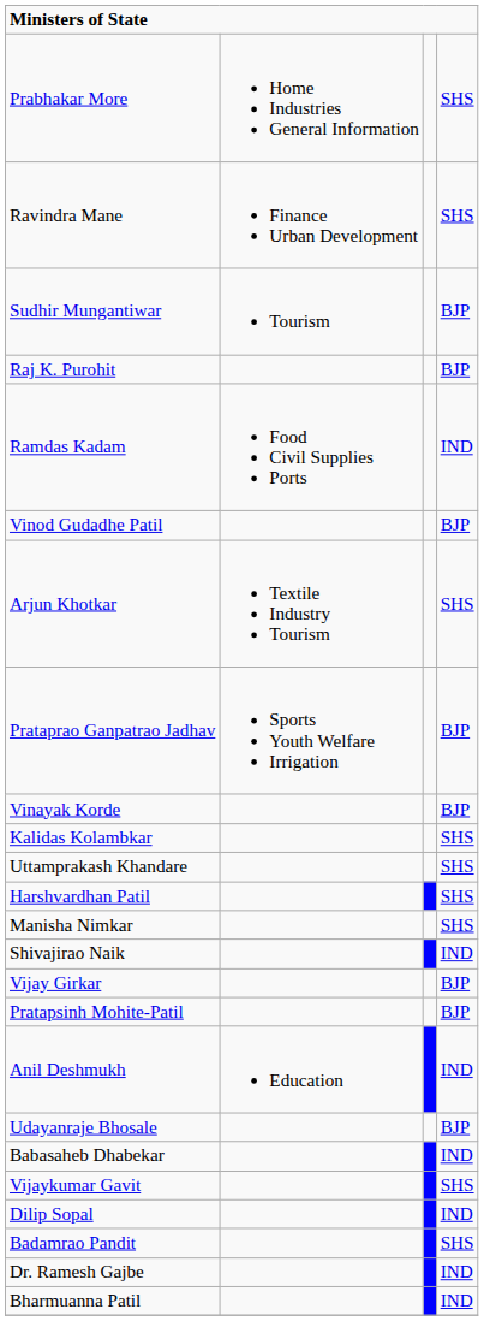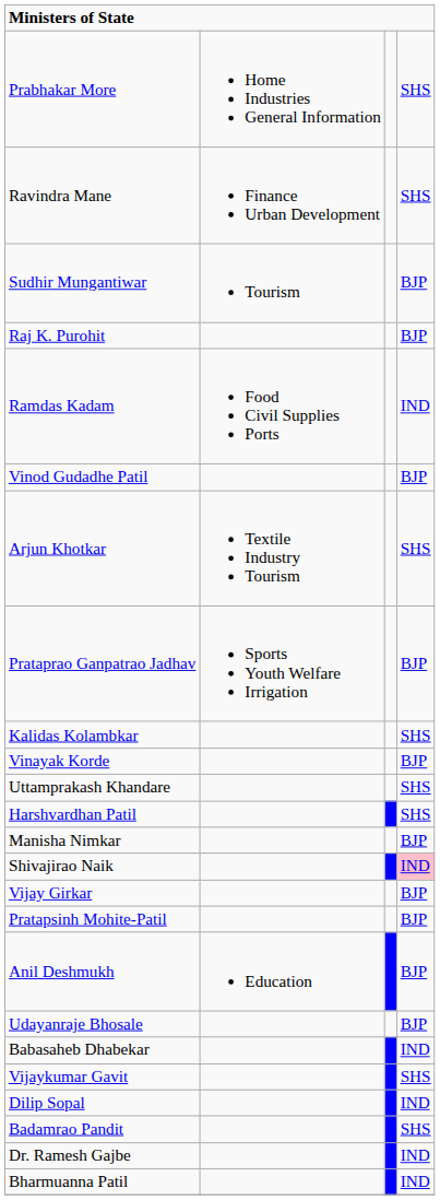 <table class="wikitable sortable">
 <tr>
 <td colspan="4"><strong>Ministers of State</strong></td>
 </tr>
 <tr>
 <td><a href='#'>Prabhakar More</a></td>
 <td><br><ul><li>Home</li><li>Industries</li><li>General Information</li></ul></td>
 <td width="4px"></td>
 <td><a href='#'>SHS</a></td>
 </tr>
 <tr>
 <td>Ravindra Mane</td>
 <td><br><ul><li>Finance</li><li>Urban Development</li></ul></td>
 <td width="4px"></td>
 <td><a href='#'>SHS</a></td>
 </tr>
 <tr>
 <td><a href='#'>Sudhir Mungantiwar</a></td>
 <td><br><ul><li>Tourism</li></ul></td>
 <td width="4px"></td>
 <td><a href='#'>BJP</a></td>
 </tr>
 <tr>
 <td><a href='#'>Raj K. Purohit</a></td>
 <td></td>
 <td width="4px"></td>
 <td><a href='#'>BJP</a></td>
 </tr>
 <tr>
 <td><a href='#'>Ramdas Kadam</a></td>
 <td><br><ul><li>Food</li><li>Civil Supplies</li><li>Ports</li></ul></td>
 <td width="4px"></td>
 <td><a href='#'>IND</a></td>
 </tr>
 <tr>
 <td><a href='#'>Vinod Gudadhe Patil</a></td>
 <td></td>
 <td width="4px"></td>
 <td><a href='#'>BJP</a></td>
 </tr>
 <tr>
 <td><a href='#'>Arjun Khotkar</a></td>
 <td><br><ul><li>Textile</li><li>Industry</li><li>Tourism</li></ul></td>
 <td width="4px"></td>
 <td><a href='#'>SHS</a></td>
 </tr>
 <tr>
 <td><a href='#'>Prataprao Ganpatrao Jadhav</a></td>
 <td><br><ul><li>Sports</li><li>Youth Welfare</li><li>Irrigation</li></ul></td>
 <td width="4px"></td>
 <td><a href='#'>BJP</a></td>
 </tr>
 <tr>
+<td><a href='#'>Kalidas Kolambkar</a></td>
+<td></td>
+<td width="4px"></td>
+<td><a href='#'>SHS</a></td>
+</tr>
+<tr>
 <td><a href='#'>Vinayak Korde</a></td>
 <td></td>
 <td width="4px"></td>
 <td><a href='#'>BJP</a></td>
-</tr>
-<tr>
-<td><a href='#'>Kalidas Kolambkar</a></td>
-<td></td>
-<td width="4px"></td>
-<td><a href='#'>SHS</a></td>
 </tr>
 <tr>
 <td>Uttamprakash Khandare</td>
 <td></td>
 <td width="4px"></td>
 <td><a href='#'>SHS</a></td>
 </tr>
 <tr>
 <td><a href='#'>Harshvardhan Patil</a></td>
 <td></td>
 <td width="4px" bgcolor="Blue"></td>
 <td><a href='#'>SHS</a></td>
 </tr>
 <tr>
 <td>Manisha Nimkar</td>
 <td></td>
 <td width="4px"></td>
-<td><a href='#'>SHS</a></td>
+<td><a href='#'>BJP</a></td>
 </tr>
 <tr>
 <td>Shivajirao Naik</td>
 <td></td>
 <td width="4px" bgcolor="Blue"></td>
-<td><a href='#'>IND</a></td>
+<td style="background: pink;"><a href='#'>IND</a></td>
 </tr>
 <tr>
 <td><a href='#'>Vijay Girkar</a></td>
 <td></td>
 <td width="4px"></td>
 <td><a href='#'>BJP</a></td>
 </tr>
 <tr>
 <td><a href='#'>Pratapsinh Mohite-Patil</a></td>
 <td></td>
 <td width="4px"></td>
 <td><a href='#'>BJP</a></td>
 </tr>
 <tr>
 <td><a href='#'>Anil Deshmukh</a></td>
 <td><br><ul><li>Education</li></ul></td>
 <td width="4px" bgcolor="Blue"></td>
-<td><a href='#'>IND</a></td>
+<td><a href='#'>BJP</a></td>
 </tr>
 <tr>
 <td><a href='#'>Udayanraje Bhosale</a></td>
 <td></td>
 <td width="4px"></td>
 <td><a href='#'>BJP</a></td>
 </tr>
 <tr>
 <td>Babasaheb Dhabekar</td>
 <td></td>
 <td width="4px" bgcolor="Blue"></td>
 <td><a href='#'>IND</a></td>
 </tr>
 <tr>
 <td><a href='#'>Vijaykumar Gavit</a></td>
 <td></td>
 <td width="4px" bgcolor="Blue"></td>
 <td><a href='#'>SHS</a></td>
 </tr>
 <tr>
 <td><a href='#'>Dilip Sopal</a></td>
 <td></td>
 <td width="4px" bgcolor="Blue"></td>
 <td><a href='#'>IND</a></td>
 </tr>
 <tr>
 <td><a href='#'>Badamrao Pandit</a></td>
 <td></td>
 <td width="4px" bgcolor="Blue"></td>
 <td><a href='#'>SHS</a></td>
 </tr>
 <tr>
 <td>Dr. Ramesh Gajbe</td>
 <td></td>
 <td width="4px" bgcolor="Blue"></td>
 <td><a href='#'>IND</a></td>
 </tr>
 <tr>
 <td>Bharmuanna Patil</td>
 <td></td>
 <td width="4px" bgcolor="Blue"></td>
 <td><a href='#'>IND</a></td>
 </tr>
 <tr>
 </tr>
 </table>
